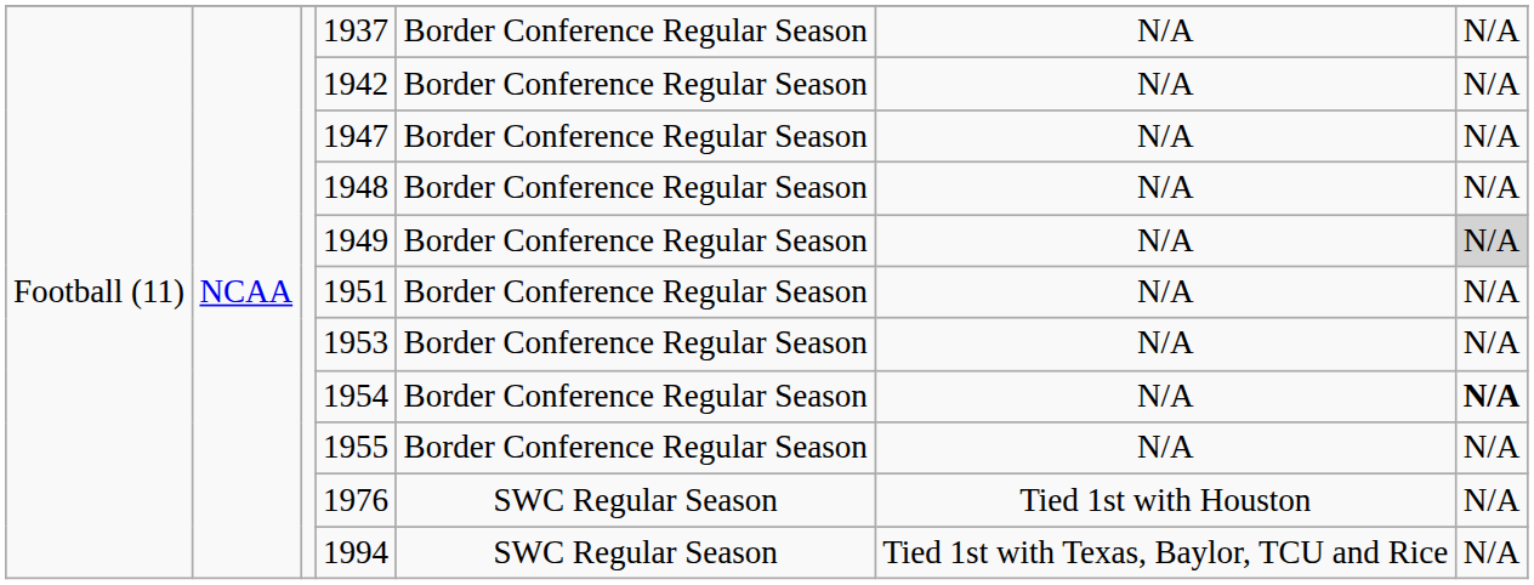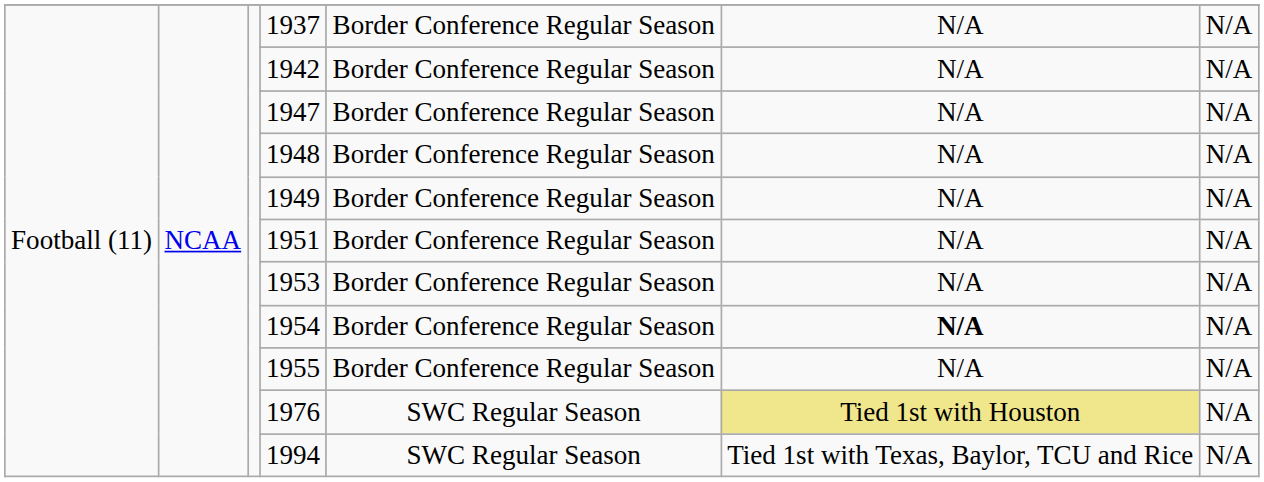 <table class="wikitable">
 <tr align="center">
 </tr>
 <tr align="center">
 <td rowspan="12">Football (11)</td>
 <td rowspan="12"><a href='#'>NCAA</a></td>
 <td rowspan="12"></td>
 </tr>
 <tr align="center">
 <td>1937</td>
 <td>Border Conference Regular Season</td>
 <td>N/A</td>
 <td>N/A</td>
 </tr>
 <tr align="center">
 <td>1942</td>
 <td>Border Conference Regular Season</td>
 <td>N/A</td>
 <td>N/A</td>
 </tr>
 <tr align="center">
 <td>1947</td>
 <td>Border Conference Regular Season</td>
 <td>N/A</td>
 <td>N/A</td>
 </tr>
 <tr align="center">
 <td>1948</td>
 <td>Border Conference Regular Season</td>
 <td>N/A</td>
 <td>N/A</td>
 </tr>
 <tr align="center">
 <td>1949</td>
 <td>Border Conference Regular Season</td>
 <td>N/A</td>
-<td style="background: lightgrey;">N/A</td>
+<td>N/A</td>
 </tr>
 <tr align="center">
 <td>1951</td>
 <td>Border Conference Regular Season</td>
 <td>N/A</td>
 <td>N/A</td>
 </tr>
 <tr align="center">
 <td>1953</td>
 <td>Border Conference Regular Season</td>
 <td>N/A</td>
 <td>N/A</td>
 </tr>
 <tr align="center">
 <td>1954</td>
 <td>Border Conference Regular Season</td>
+<td><strong>N/A</strong></td>
 <td>N/A</td>
-<td><strong>N/A</strong></td>
 </tr>
 <tr align="center">
 <td>1955</td>
 <td>Border Conference Regular Season</td>
 <td>N/A</td>
 <td>N/A</td>
 </tr>
 <tr align="center">
 <td>1976</td>
 <td>SWC Regular Season</td>
-<td>Tied 1st with Houston</td>
+<td style="background: khaki;">Tied 1st with Houston</td>
 <td>N/A</td>
 </tr>
 <tr align="center">
 <td>1994</td>
 <td>SWC Regular Season</td>
 <td>Tied 1st with Texas, Baylor, TCU and Rice</td>
 <td>N/A</td>
 </tr>
 </table>
